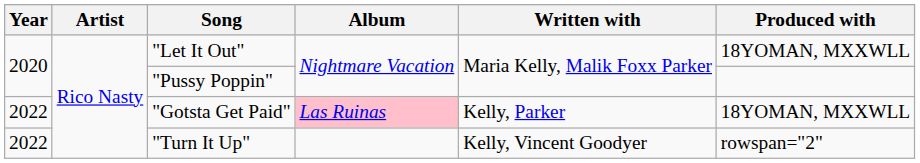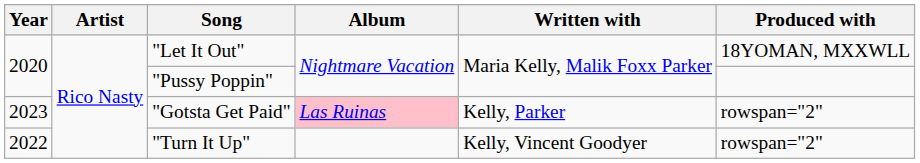 <table class="wikitable sortable">
 <tr style="background:#ccc; text-align:center;">
 <th><strong>Year</strong></th>
 <th><strong>Artist</strong></th>
 <th><strong>Song</strong></th>
 <th><strong>Album</strong></th>
 <th><strong>Written with</strong></th>
 <th>Produced with</th>
 </tr>
 <tr>
 <td rowspan="2">2020</td>
 <td rowspan="4"><a href='#'>Rico Nasty</a></td>
 <td>"Let It Out"</td>
 <td rowspan="2"><em><a href='#'>Nightmare Vacation</a></em></td>
 <td rowspan="2">Maria Kelly, <a href='#'>Malik Foxx Parker</a></td>
 <td>18YOMAN, MXXWLL</td>
 </tr>
 <tr>
 <td>"Pussy Poppin"</td>
 </tr>
 <tr>
-<td>2022</td>
+<td>2023</td>
 <td>"Gotsta Get Paid"</td>
 <td style="background: pink;"><em><a href='#'>Las Ruinas</a></em></td>
 <td>Kelly, <a href='#'>Parker</a></td>
-<td>18YOMAN, MXXWLL</td>
+<td>rowspan="2" </td>
 </tr>
 <tr>
 <td>2022</td>
 <td>"Turn It Up"</td>
 <td></td>
 <td>Kelly, Vincent Goodyer</td>
 <td>rowspan="2" </td>
 </tr>
 </table>
